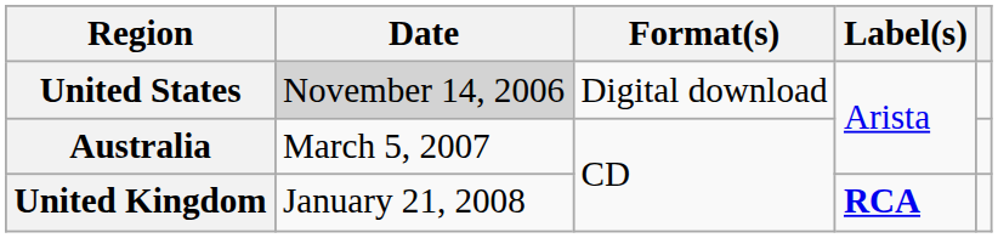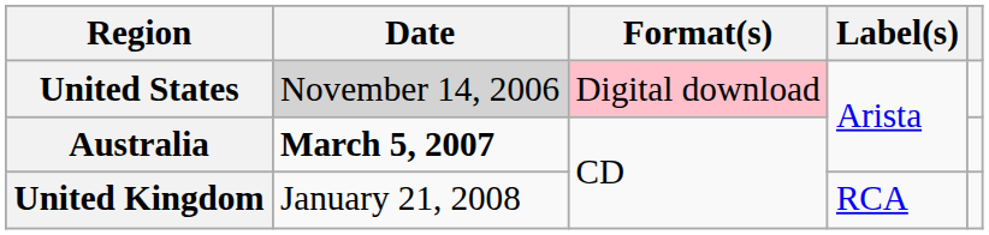 <table class="wikitable plainrowheaders">
 <tr>
 <th scope="col">Region</th>
 <th scope="col">Date</th>
 <th scope="col">Format(s)</th>
 <th scope="col">Label(s)</th>
 <th scope="col"></th>
 </tr>
 <tr>
 <th scope="row">United States</th>
 <td style="background: lightgrey;">November 14, 2006</td>
-<td>Digital download</td>
+<td style="background: pink;">Digital download</td>
 <td rowspan="2"><a href='#'>Arista</a></td>
 <td></td>
 </tr>
 <tr>
 <th scope="row">Australia</th>
-<td>March 5, 2007</td>
+<td><strong>March 5, 2007</strong></td>
 <td rowspan="2">CD</td>
 <td></td>
 </tr>
 <tr>
 <th scope="row">United Kingdom</th>
 <td>January 21, 2008</td>
-<td><strong><a href='#'>RCA</a></strong></td>
+<td><a href='#'>RCA</a></td>
 <td></td>
 </tr>
 </table>
